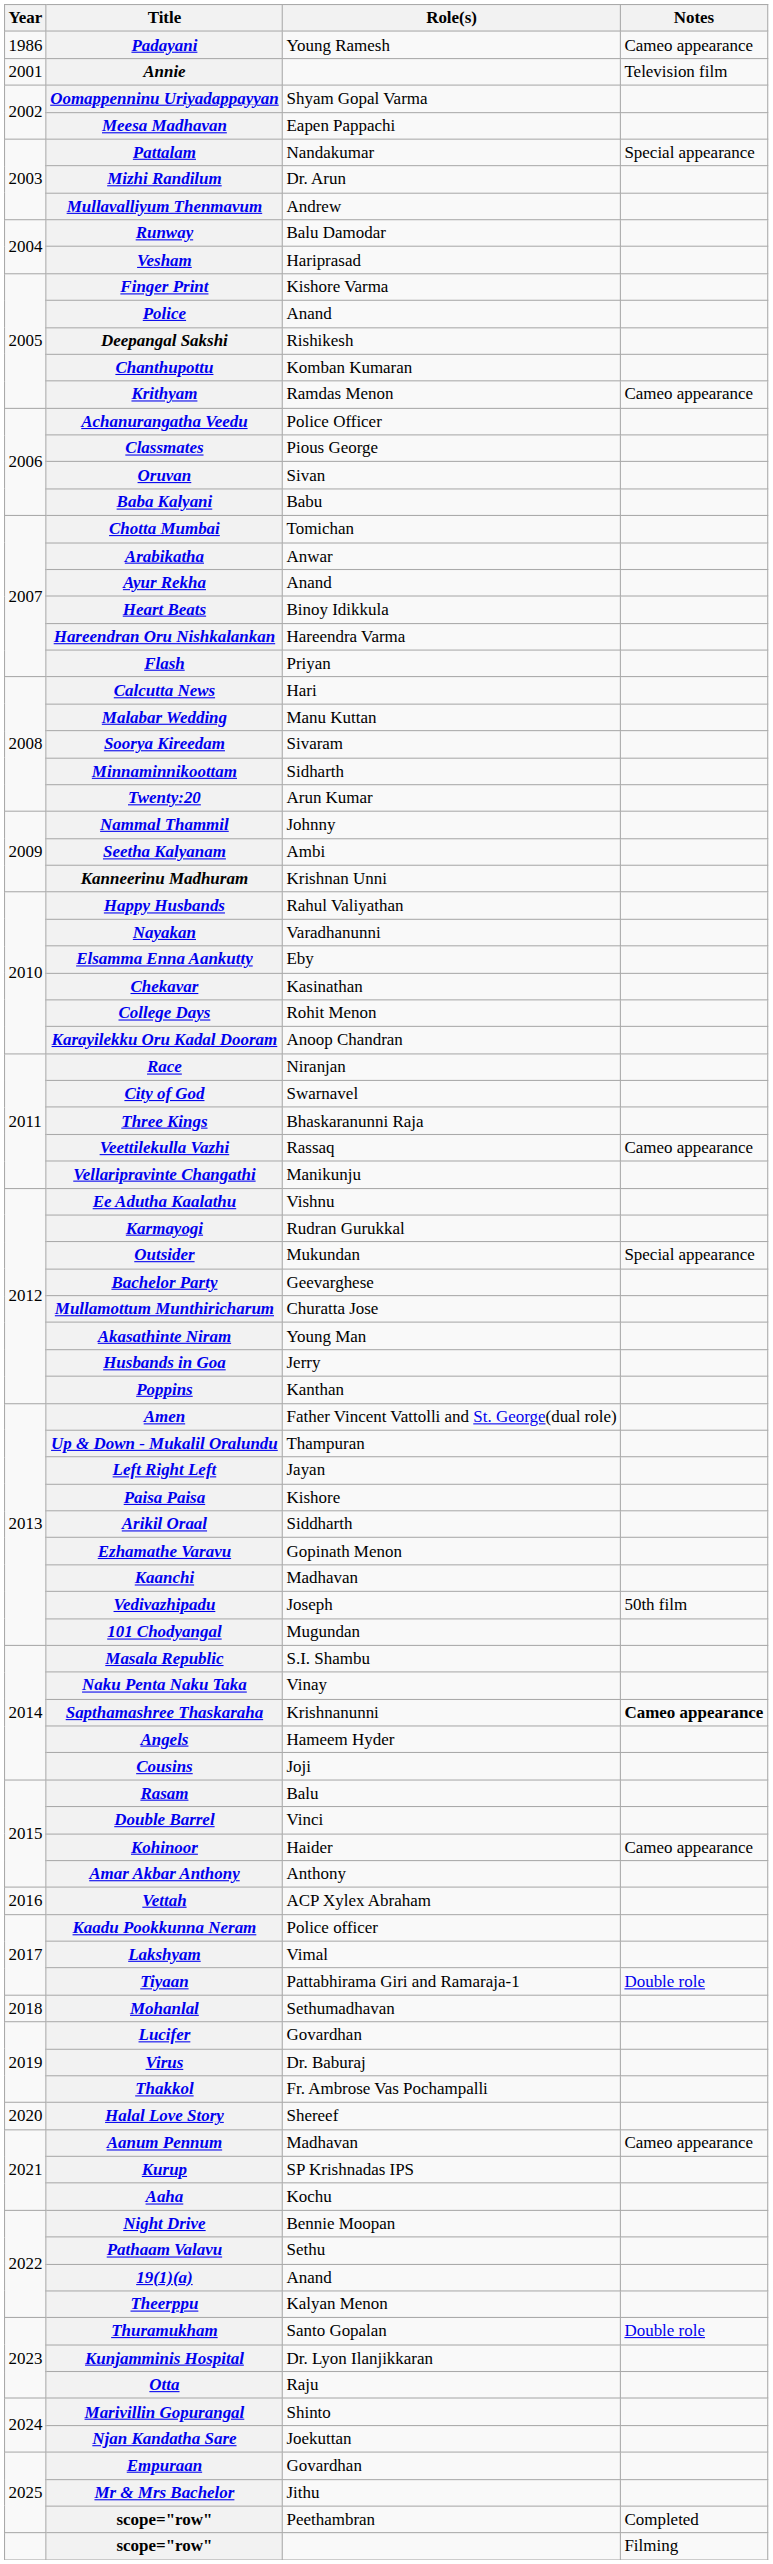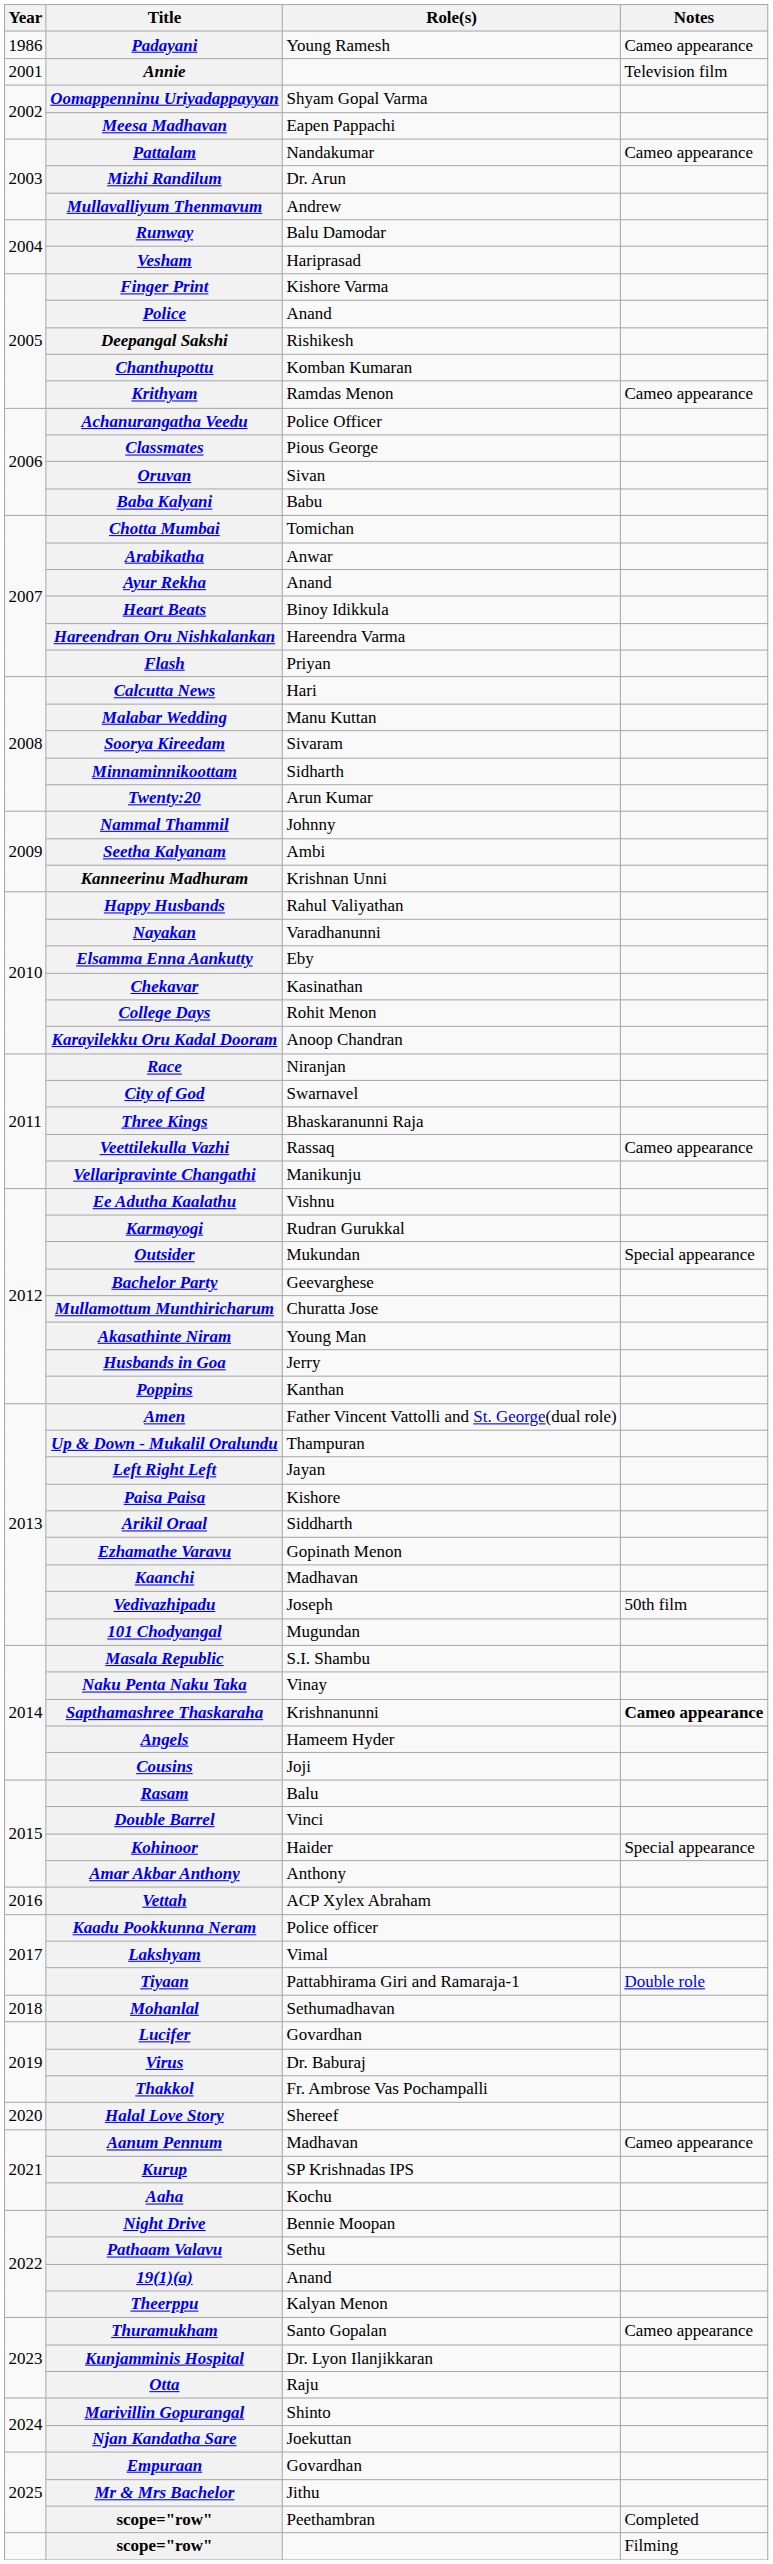 <table class="wikitable plainrowheaders sortable">
 <tr>
 <th scope="col">Year</th>
 <th scope="col">Title</th>
 <th scope="col">Role(s)</th>
 <th scope="col" unsortable>Notes</th>
 </tr>
 <tr>
 <td>1986</td>
 <th scope="row"><em><a href='#'>Padayani</a></em></th>
 <td>Young Ramesh</td>
 <td>Cameo appearance</td>
 </tr>
 <tr>
 <td>2001</td>
 <th scope="row"><em>Annie</em></th>
 <td></td>
 <td>Television film</td>
 </tr>
 <tr>
 <td rowspan="2">2002</td>
 <th scope="row"><em><a href='#'>Oomappenninu Uriyadappayyan</a></em></th>
 <td>Shyam Gopal Varma</td>
 <td></td>
 </tr>
 <tr>
 <th scope="row"><em><a href='#'>Meesa Madhavan</a></em></th>
 <td>Eapen Pappachi</td>
 <td></td>
 </tr>
 <tr>
 <td rowspan="3">2003</td>
 <th scope="row"><em><a href='#'>Pattalam</a></em></th>
 <td>Nandakumar</td>
-<td>Special appearance</td>
+<td>Cameo appearance</td>
 </tr>
 <tr>
 <th scope="row"><em><a href='#'>Mizhi Randilum</a></em></th>
 <td>Dr. Arun</td>
 <td></td>
 </tr>
 <tr>
 <th scope="row"><em><a href='#'>Mullavalliyum Thenmavum</a></em></th>
 <td>Andrew</td>
 <td></td>
 </tr>
 <tr>
 <td rowspan="2">2004</td>
 <th scope="row"><em><a href='#'>Runway</a></em></th>
 <td>Balu Damodar</td>
 <td></td>
 </tr>
 <tr>
 <th scope="row"><em><a href='#'>Vesham</a></em></th>
 <td>Hariprasad</td>
 <td></td>
 </tr>
 <tr>
 <td rowspan="5">2005</td>
 <th scope="row"><em><a href='#'>Finger Print</a></em></th>
 <td>Kishore Varma</td>
 <td></td>
 </tr>
 <tr>
 <th scope="row"><em><a href='#'>Police</a></em></th>
 <td>Anand</td>
 <td></td>
 </tr>
 <tr>
 <th scope="row"><em>Deepangal Sakshi</em></th>
 <td>Rishikesh</td>
 <td></td>
 </tr>
 <tr>
 <th scope="row"><em><a href='#'>Chanthupottu</a></em></th>
 <td>Komban Kumaran</td>
 <td></td>
 </tr>
 <tr>
 <th scope="row"><em><a href='#'>Krithyam</a></em></th>
 <td>Ramdas Menon</td>
 <td>Cameo appearance</td>
 </tr>
 <tr>
 <td rowspan="4">2006</td>
 <th scope="row"><em><a href='#'>Achanurangatha Veedu</a></em></th>
 <td>Police Officer</td>
 <td></td>
 </tr>
 <tr>
 <th scope="row"><em><a href='#'>Classmates</a></em></th>
 <td>Pious George</td>
 <td></td>
 </tr>
 <tr>
 <th scope="row"><em><a href='#'>Oruvan</a></em></th>
 <td>Sivan</td>
 <td></td>
 </tr>
 <tr>
 <th scope="row"><em><a href='#'>Baba Kalyani</a></em></th>
 <td>Babu</td>
 <td></td>
 </tr>
 <tr>
 <td rowspan="6">2007</td>
 <th scope="row"><em><a href='#'>Chotta Mumbai</a></em></th>
 <td>Tomichan</td>
 <td></td>
 </tr>
 <tr>
 <th scope="row"><em><a href='#'>Arabikatha</a></em></th>
 <td>Anwar</td>
 <td></td>
 </tr>
 <tr>
 <th scope="row"><em><a href='#'>Ayur Rekha</a></em></th>
 <td>Anand</td>
 <td></td>
 </tr>
 <tr>
 <th scope="row"><em><a href='#'>Heart Beats</a></em></th>
 <td>Binoy Idikkula</td>
 <td></td>
 </tr>
 <tr>
 <th scope="row"><em><a href='#'>Hareendran Oru Nishkalankan</a></em></th>
 <td>Hareendra Varma</td>
 <td></td>
 </tr>
 <tr>
 <th scope="row"><em><a href='#'>Flash</a></em></th>
 <td>Priyan</td>
 <td></td>
 </tr>
 <tr>
 <td rowspan="5">2008</td>
 <th scope="row"><em><a href='#'>Calcutta News</a></em></th>
 <td>Hari</td>
 <td></td>
 </tr>
 <tr>
 <th scope="row"><em><a href='#'>Malabar Wedding</a></em></th>
 <td>Manu Kuttan</td>
 <td></td>
 </tr>
 <tr>
 <th scope="row"><em><a href='#'>Soorya Kireedam</a></em></th>
 <td>Sivaram</td>
 <td></td>
 </tr>
 <tr>
 <th scope="row"><em><a href='#'>Minnaminnikoottam</a></em></th>
 <td>Sidharth</td>
 <td></td>
 </tr>
 <tr>
 <th scope="row"><em><a href='#'>Twenty:20</a></em></th>
 <td>Arun Kumar</td>
 <td></td>
 </tr>
 <tr>
 <td rowspan="3">2009</td>
 <th scope="row"><em><a href='#'>Nammal Thammil</a></em></th>
 <td>Johnny</td>
 <td></td>
 </tr>
 <tr>
 <th scope="row"><em><a href='#'>Seetha Kalyanam</a></em></th>
 <td>Ambi</td>
 <td></td>
 </tr>
 <tr>
 <th scope="row"><em>Kanneerinu Madhuram</em></th>
 <td>Krishnan Unni</td>
 <td></td>
 </tr>
 <tr>
 <td rowspan="6">2010</td>
 <th scope="row"><em><a href='#'>Happy Husbands</a></em></th>
 <td>Rahul Valiyathan</td>
 <td></td>
 </tr>
 <tr>
 <th scope="row"><em><a href='#'>Nayakan</a></em></th>
 <td>Varadhanunni</td>
 <td></td>
 </tr>
 <tr>
 <th scope="row"><em><a href='#'>Elsamma Enna Aankutty</a></em></th>
 <td>Eby</td>
 <td></td>
 </tr>
 <tr>
 <th scope="row"><em><a href='#'>Chekavar</a></em></th>
 <td>Kasinathan</td>
 <td></td>
 </tr>
 <tr>
 <th scope="row"><em><a href='#'>College Days</a></em></th>
 <td>Rohit Menon</td>
 <td></td>
 </tr>
 <tr>
 <th scope="row"><em><a href='#'>Karayilekku Oru Kadal Dooram</a></em></th>
 <td>Anoop Chandran</td>
 <td></td>
 </tr>
 <tr>
 <td rowspan="5">2011</td>
 <th scope="row"><em><a href='#'>Race</a></em></th>
 <td>Niranjan</td>
 <td></td>
 </tr>
 <tr>
 <th scope="row"><em><a href='#'>City of God</a></em></th>
 <td>Swarnavel</td>
 <td></td>
 </tr>
 <tr>
 <th scope="row"><em><a href='#'>Three Kings</a></em></th>
 <td>Bhaskaranunni Raja</td>
 <td></td>
 </tr>
 <tr>
 <th scope="row"><em><a href='#'>Veettilekulla Vazhi</a></em></th>
 <td>Rassaq</td>
 <td>Cameo appearance</td>
 </tr>
 <tr>
 <th scope="row"><em><a href='#'>Vellaripravinte Changathi</a></em></th>
 <td>Manikunju</td>
 <td></td>
 </tr>
 <tr>
 <td rowspan="8">2012</td>
 <th scope="row"><em><a href='#'>Ee Adutha Kaalathu</a></em></th>
 <td>Vishnu</td>
 <td></td>
 </tr>
 <tr>
 <th scope="row"><em><a href='#'>Karmayogi</a></em></th>
 <td>Rudran Gurukkal</td>
 <td></td>
 </tr>
 <tr>
 <th scope="row"><em><a href='#'>Outsider</a></em></th>
 <td>Mukundan</td>
 <td>Special appearance</td>
 </tr>
 <tr>
 <th scope="row"><em><a href='#'>Bachelor Party</a></em></th>
 <td>Geevarghese</td>
 <td></td>
 </tr>
 <tr>
 <th scope="row"><em><a href='#'>Mullamottum Munthiricharum</a></em></th>
 <td>Churatta Jose</td>
 <td></td>
 </tr>
 <tr>
 <th scope="row"><em><a href='#'>Akasathinte Niram</a></em></th>
 <td>Young Man</td>
 <td></td>
 </tr>
 <tr>
 <th scope="row"><em><a href='#'>Husbands in Goa</a></em></th>
 <td>Jerry</td>
 <td></td>
 </tr>
 <tr>
 <th scope="row"><em><a href='#'>Poppins</a></em></th>
 <td>Kanthan</td>
 <td></td>
 </tr>
 <tr>
 <td rowspan="9">2013</td>
 <th scope="row"><em><a href='#'>Amen</a></em></th>
 <td>Father Vincent Vattolli  and <a href='#'>St. George</a>(dual role)</td>
 <td></td>
 </tr>
 <tr>
 <th scope="row"><em><a href='#'>Up & Down - Mukalil Oralundu</a></em></th>
 <td>Thampuran</td>
 <td></td>
 </tr>
 <tr>
 <th scope="row"><em><a href='#'>Left Right Left</a></em></th>
 <td>Jayan</td>
 <td></td>
 </tr>
 <tr>
 <th scope="row"><em><a href='#'>Paisa Paisa</a></em></th>
 <td>Kishore</td>
 <td></td>
 </tr>
 <tr>
 <th scope="row"><em><a href='#'>Arikil Oraal</a></em></th>
 <td>Siddharth</td>
 <td></td>
 </tr>
 <tr>
 <th scope="row"><em><a href='#'>Ezhamathe Varavu</a></em></th>
 <td>Gopinath Menon</td>
 <td></td>
 </tr>
 <tr>
 <th scope="row"><em><a href='#'>Kaanchi</a></em></th>
 <td>Madhavan</td>
 <td></td>
 </tr>
 <tr>
 <th scope="row"><em><a href='#'>Vedivazhipadu</a></em></th>
 <td>Joseph</td>
 <td>50th film</td>
 </tr>
 <tr>
 <th scope="row"><em><a href='#'>101 Chodyangal</a></em></th>
 <td>Mugundan</td>
 <td></td>
 </tr>
 <tr>
 <td rowspan="5">2014</td>
 <th scope="row"><em><a href='#'>Masala Republic</a></em></th>
 <td>S.I. Shambu</td>
 <td></td>
 </tr>
 <tr>
 <th scope="row"><em><a href='#'>Naku Penta Naku Taka</a></em></th>
 <td>Vinay</td>
 <td></td>
 </tr>
 <tr>
 <th scope="row"><em><a href='#'>Sapthamashree Thaskaraha</a></em></th>
 <td>Krishnanunni</td>
 <td><strong>Cameo appearance</strong></td>
 </tr>
 <tr>
 <th scope="row"><em><a href='#'>Angels</a></em></th>
 <td>Hameem Hyder</td>
 <td></td>
 </tr>
 <tr>
 <th scope="row"><em><a href='#'>Cousins</a></em></th>
 <td>Joji</td>
 <td></td>
 </tr>
 <tr>
 <td rowspan="4">2015</td>
 <th scope="row"><em><a href='#'>Rasam</a></em></th>
 <td>Balu</td>
 <td></td>
 </tr>
 <tr>
 <th scope="row"><em><a href='#'>Double Barrel</a></em></th>
 <td>Vinci</td>
 <td></td>
 </tr>
 <tr>
 <th scope="row"><em><a href='#'>Kohinoor</a></em></th>
 <td>Haider</td>
-<td>Cameo appearance</td>
+<td>Special appearance</td>
 </tr>
 <tr>
 <th scope="row"><em><a href='#'>Amar Akbar Anthony</a></em></th>
 <td>Anthony</td>
 <td></td>
 </tr>
 <tr>
 <td>2016</td>
 <th scope="row"><em><a href='#'>Vettah</a></em></th>
 <td>ACP Xylex Abraham</td>
 <td></td>
 </tr>
 <tr>
 <td rowspan="3">2017</td>
 <th scope="row"><em><a href='#'>Kaadu Pookkunna Neram</a></em></th>
 <td>Police officer</td>
 <td></td>
 </tr>
 <tr>
 <th scope="row"><em><a href='#'>Lakshyam</a></em></th>
 <td>Vimal</td>
 <td></td>
 </tr>
 <tr>
 <th scope="row"><em><a href='#'>Tiyaan</a></em></th>
 <td>Pattabhirama Giri and Ramaraja-1</td>
 <td><a href='#'>Double role</a></td>
 </tr>
 <tr>
 <td>2018</td>
 <th scope="row"><em><a href='#'>Mohanlal</a></em></th>
 <td>Sethumadhavan</td>
 <td></td>
 </tr>
 <tr>
 <td rowspan=3>2019</td>
 <th scope="row"><em><a href='#'>Lucifer</a></em></th>
 <td>Govardhan</td>
 <td></td>
 </tr>
 <tr>
 <th scope="row"><em><a href='#'>Virus</a></em></th>
 <td>Dr. Baburaj</td>
 <td></td>
 </tr>
 <tr>
 <th scope="row"><em><a href='#'>Thakkol</a></em></th>
 <td>Fr. Ambrose Vas Pochampalli</td>
 <td></td>
 </tr>
 <tr>
 <td>2020</td>
 <th scope="row"><em><a href='#'>Halal Love Story</a></em></th>
 <td>Shereef</td>
 <td></td>
 </tr>
 <tr>
 <td rowspan=3>2021</td>
 <th scope="row"><em><a href='#'>Aanum Pennum</a></em></th>
 <td>Madhavan</td>
 <td>Cameo appearance</td>
 </tr>
 <tr>
 <th scope="row"><em><a href='#'>Kurup</a></em></th>
 <td>SP Krishnadas IPS</td>
 <td></td>
 </tr>
 <tr>
 <th scope="row"><em><a href='#'>Aaha</a></em></th>
 <td>Kochu</td>
 <td></td>
 </tr>
 <tr>
 <td rowspan=4>2022</td>
 <th scope="row"><em><a href='#'>Night Drive</a></em></th>
 <td>Bennie Moopan</td>
 <td></td>
 </tr>
 <tr>
 <th scope="row"><em><a href='#'>Pathaam Valavu</a></em></th>
 <td>Sethu</td>
 <td></td>
 </tr>
 <tr>
 <th scope="row"><em><a href='#'>19(1)(a)</a></em></th>
 <td>Anand</td>
 <td></td>
 </tr>
 <tr>
 <th scope="row"><em><a href='#'>Theerppu</a></em></th>
 <td>Kalyan Menon</td>
 <td></td>
 </tr>
 <tr>
 <td rowspan=3>2023</td>
 <th scope="row"><em><a href='#'>Thuramukham</a></em></th>
 <td>Santo Gopalan</td>
-<td><a href='#'>Double role</a></td>
+<td>Cameo appearance</td>
 </tr>
 <tr>
 <th scope="row"><em><a href='#'>Kunjamminis Hospital</a></em></th>
 <td>Dr. Lyon Ilanjikkaran</td>
 <td></td>
 </tr>
 <tr>
 <th scope="row"><em><a href='#'>Otta</a></em></th>
 <td>Raju</td>
 <td></td>
 </tr>
 <tr>
 <td rowspan="2">2024</td>
 <th scope="row"><em><a href='#'>Marivillin Gopurangal</a></em></th>
 <td>Shinto</td>
 <td></td>
 </tr>
 <tr>
 <th scope = "row"><em><a href='#'>Njan Kandatha Sare</a></em></th>
 <td>Joekuttan</td>
 <td></td>
 </tr>
 <tr>
 <td rowspan="3">2025</td>
 <th scope="row"><em><a href='#'>Empuraan</a></em></th>
 <td>Govardhan</td>
 <td></td>
 </tr>
 <tr>
 <th scope="row"><em><a href='#'>Mr & Mrs Bachelor</a></em></th>
 <td>Jithu</td>
 <td></td>
 </tr>
 <tr>
 <th>scope="row" </th>
 <td>Peethambran</td>
 <td>Completed</td>
 </tr>
 <tr>
 <td></td>
 <th>scope="row" </th>
 <td></td>
 <td>Filming</td>
 </tr>
 <tr>
 </tr>
 </table>
